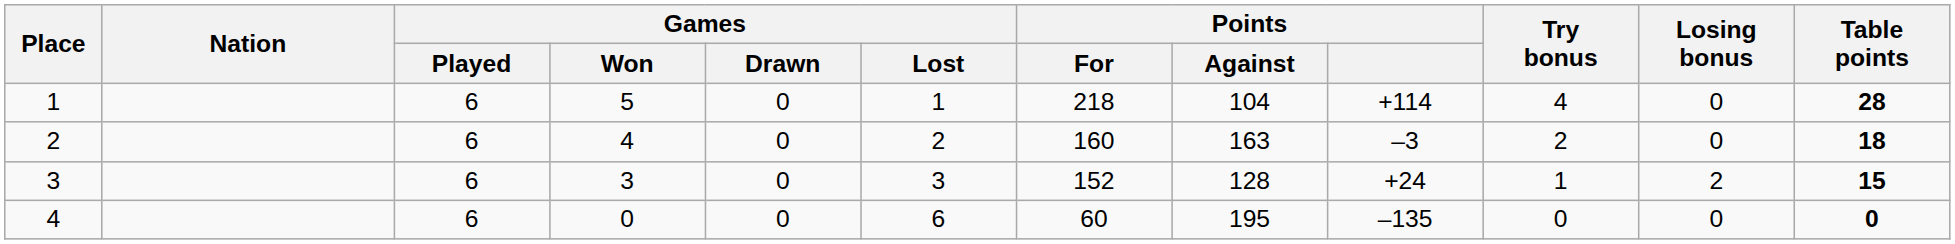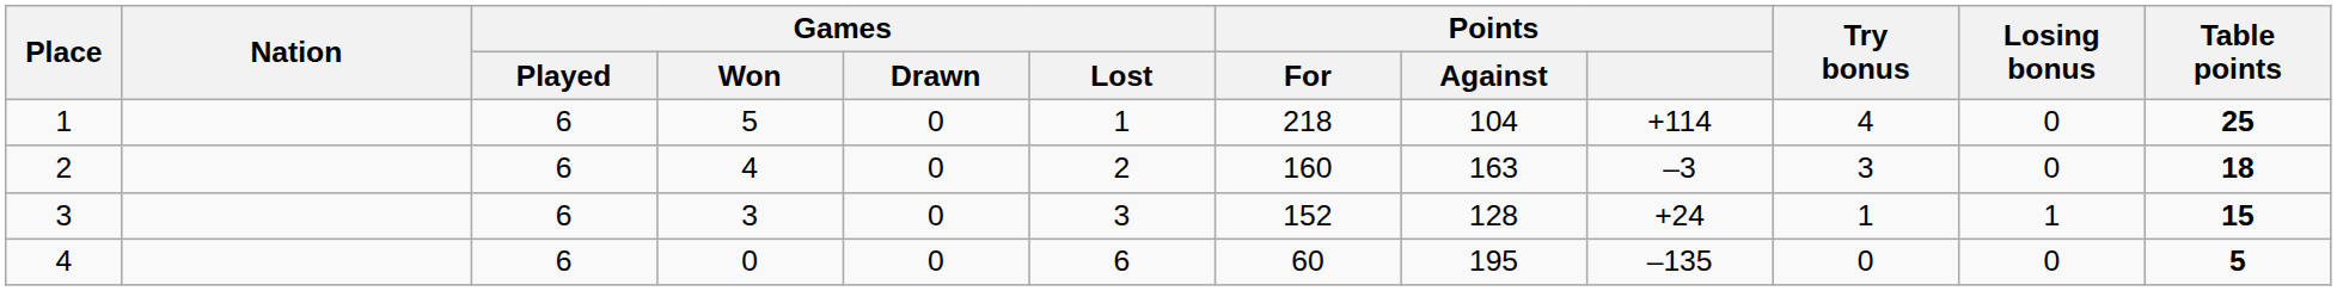 <table class="wikitable" style="width:100%;text-align:center">
 <tr>
 <th rowspan="2" style="width:5%">Place</th>
 <th rowspan="2" style="width:15%">Nation</th>
 <th colspan="4" style="width:32%">Games</th>
 <th colspan="3" style="width:18%">Points</th>
 <th rowspan="2" style="width:8%">Try<br>bonus</th>
 <th rowspan="2" style="width:8%">Losing<br>bonus</th>
 <th rowspan="2" style="width:10%">Table<br>points</th>
 </tr>
 <tr>
 <th style="width:8%">Played</th>
 <th style="width:8%">Won</th>
 <th style="width:8%">Drawn</th>
 <th style="width:8%">Lost</th>
 <th style="width:8%">For</th>
 <th style="width:8%">Against</th>
 <th style="width:8%"></th>
 </tr>
 <tr>
 <td>1</td>
 <td align="left"></td>
 <td>6</td>
 <td>5</td>
 <td>0</td>
 <td>1</td>
 <td>218</td>
 <td>104</td>
 <td>+114</td>
 <td>4</td>
 <td>0</td>
-<td><strong>28</strong></td>
+<td><strong>25</strong></td>
 </tr>
 <tr>
 <td>2</td>
 <td align="left"></td>
 <td>6</td>
 <td>4</td>
 <td>0</td>
 <td>2</td>
 <td>160</td>
 <td>163</td>
 <td>–3</td>
-<td>2</td>
+<td>3</td>
 <td>0</td>
 <td><strong>18</strong></td>
 </tr>
 <tr>
 <td>3</td>
 <td align="left"></td>
 <td>6</td>
 <td>3</td>
 <td>0</td>
 <td>3</td>
 <td>152</td>
 <td>128</td>
 <td>+24</td>
 <td>1</td>
-<td>2</td>
+<td>1</td>
 <td><strong>15</strong></td>
 </tr>
 <tr>
 <td>4</td>
 <td align="left"></td>
 <td>6</td>
 <td>0</td>
 <td>0</td>
 <td>6</td>
 <td>60</td>
 <td>195</td>
 <td>–135</td>
 <td>0</td>
 <td>0</td>
-<td><strong>0</strong></td>
+<td><strong>5</strong></td>
 </tr>
 </table>
